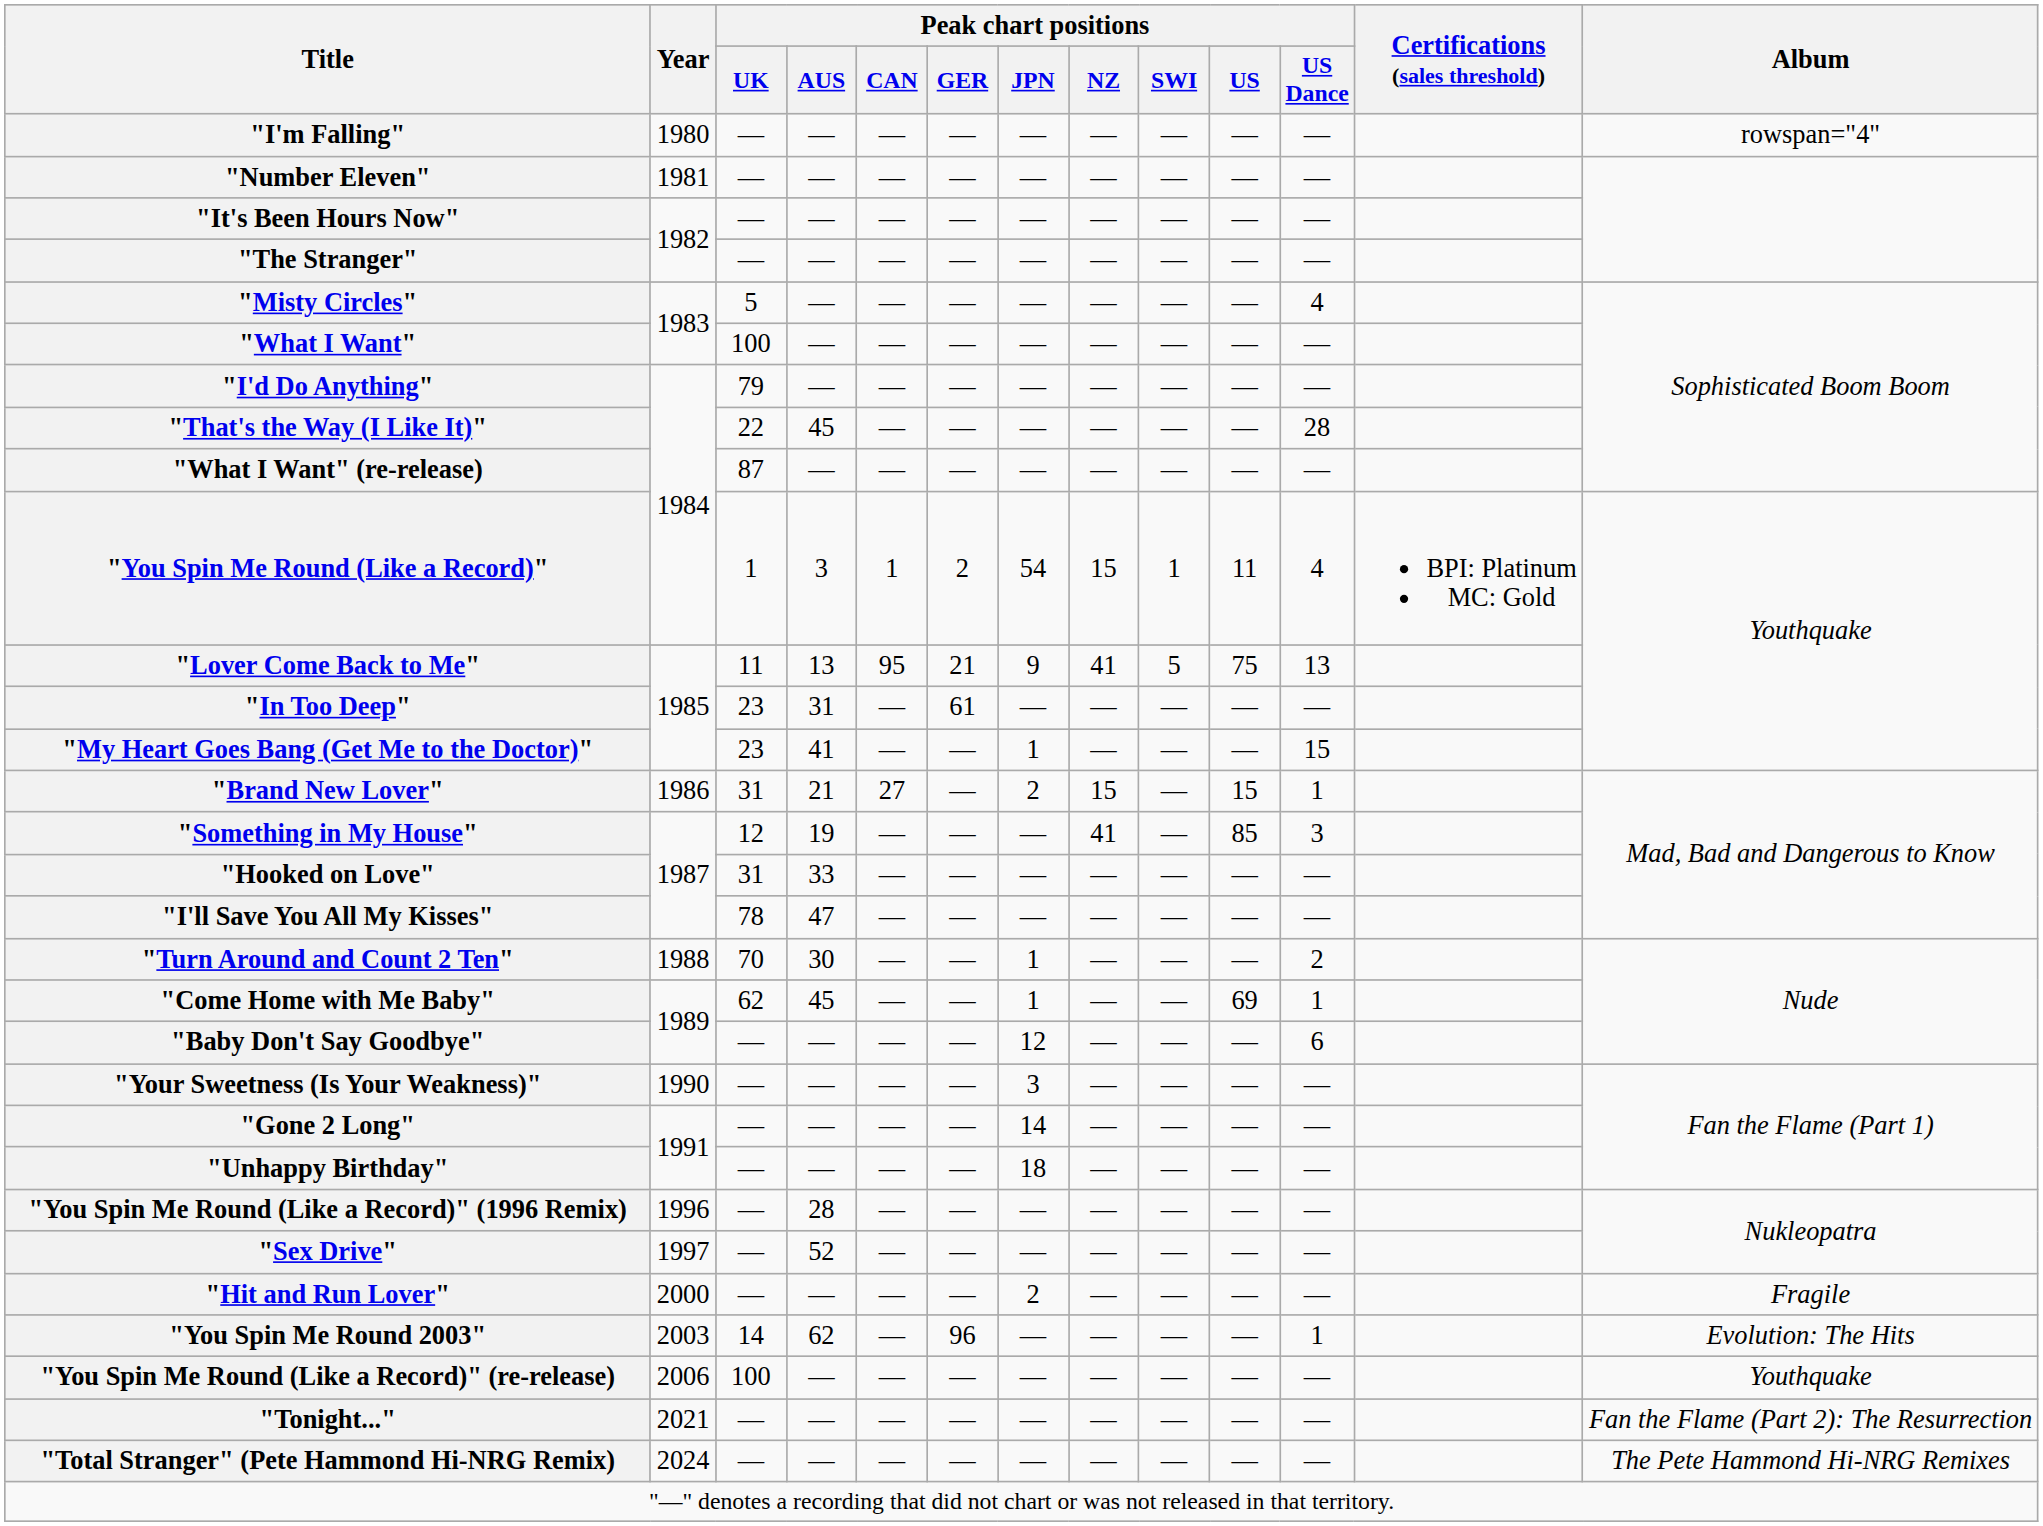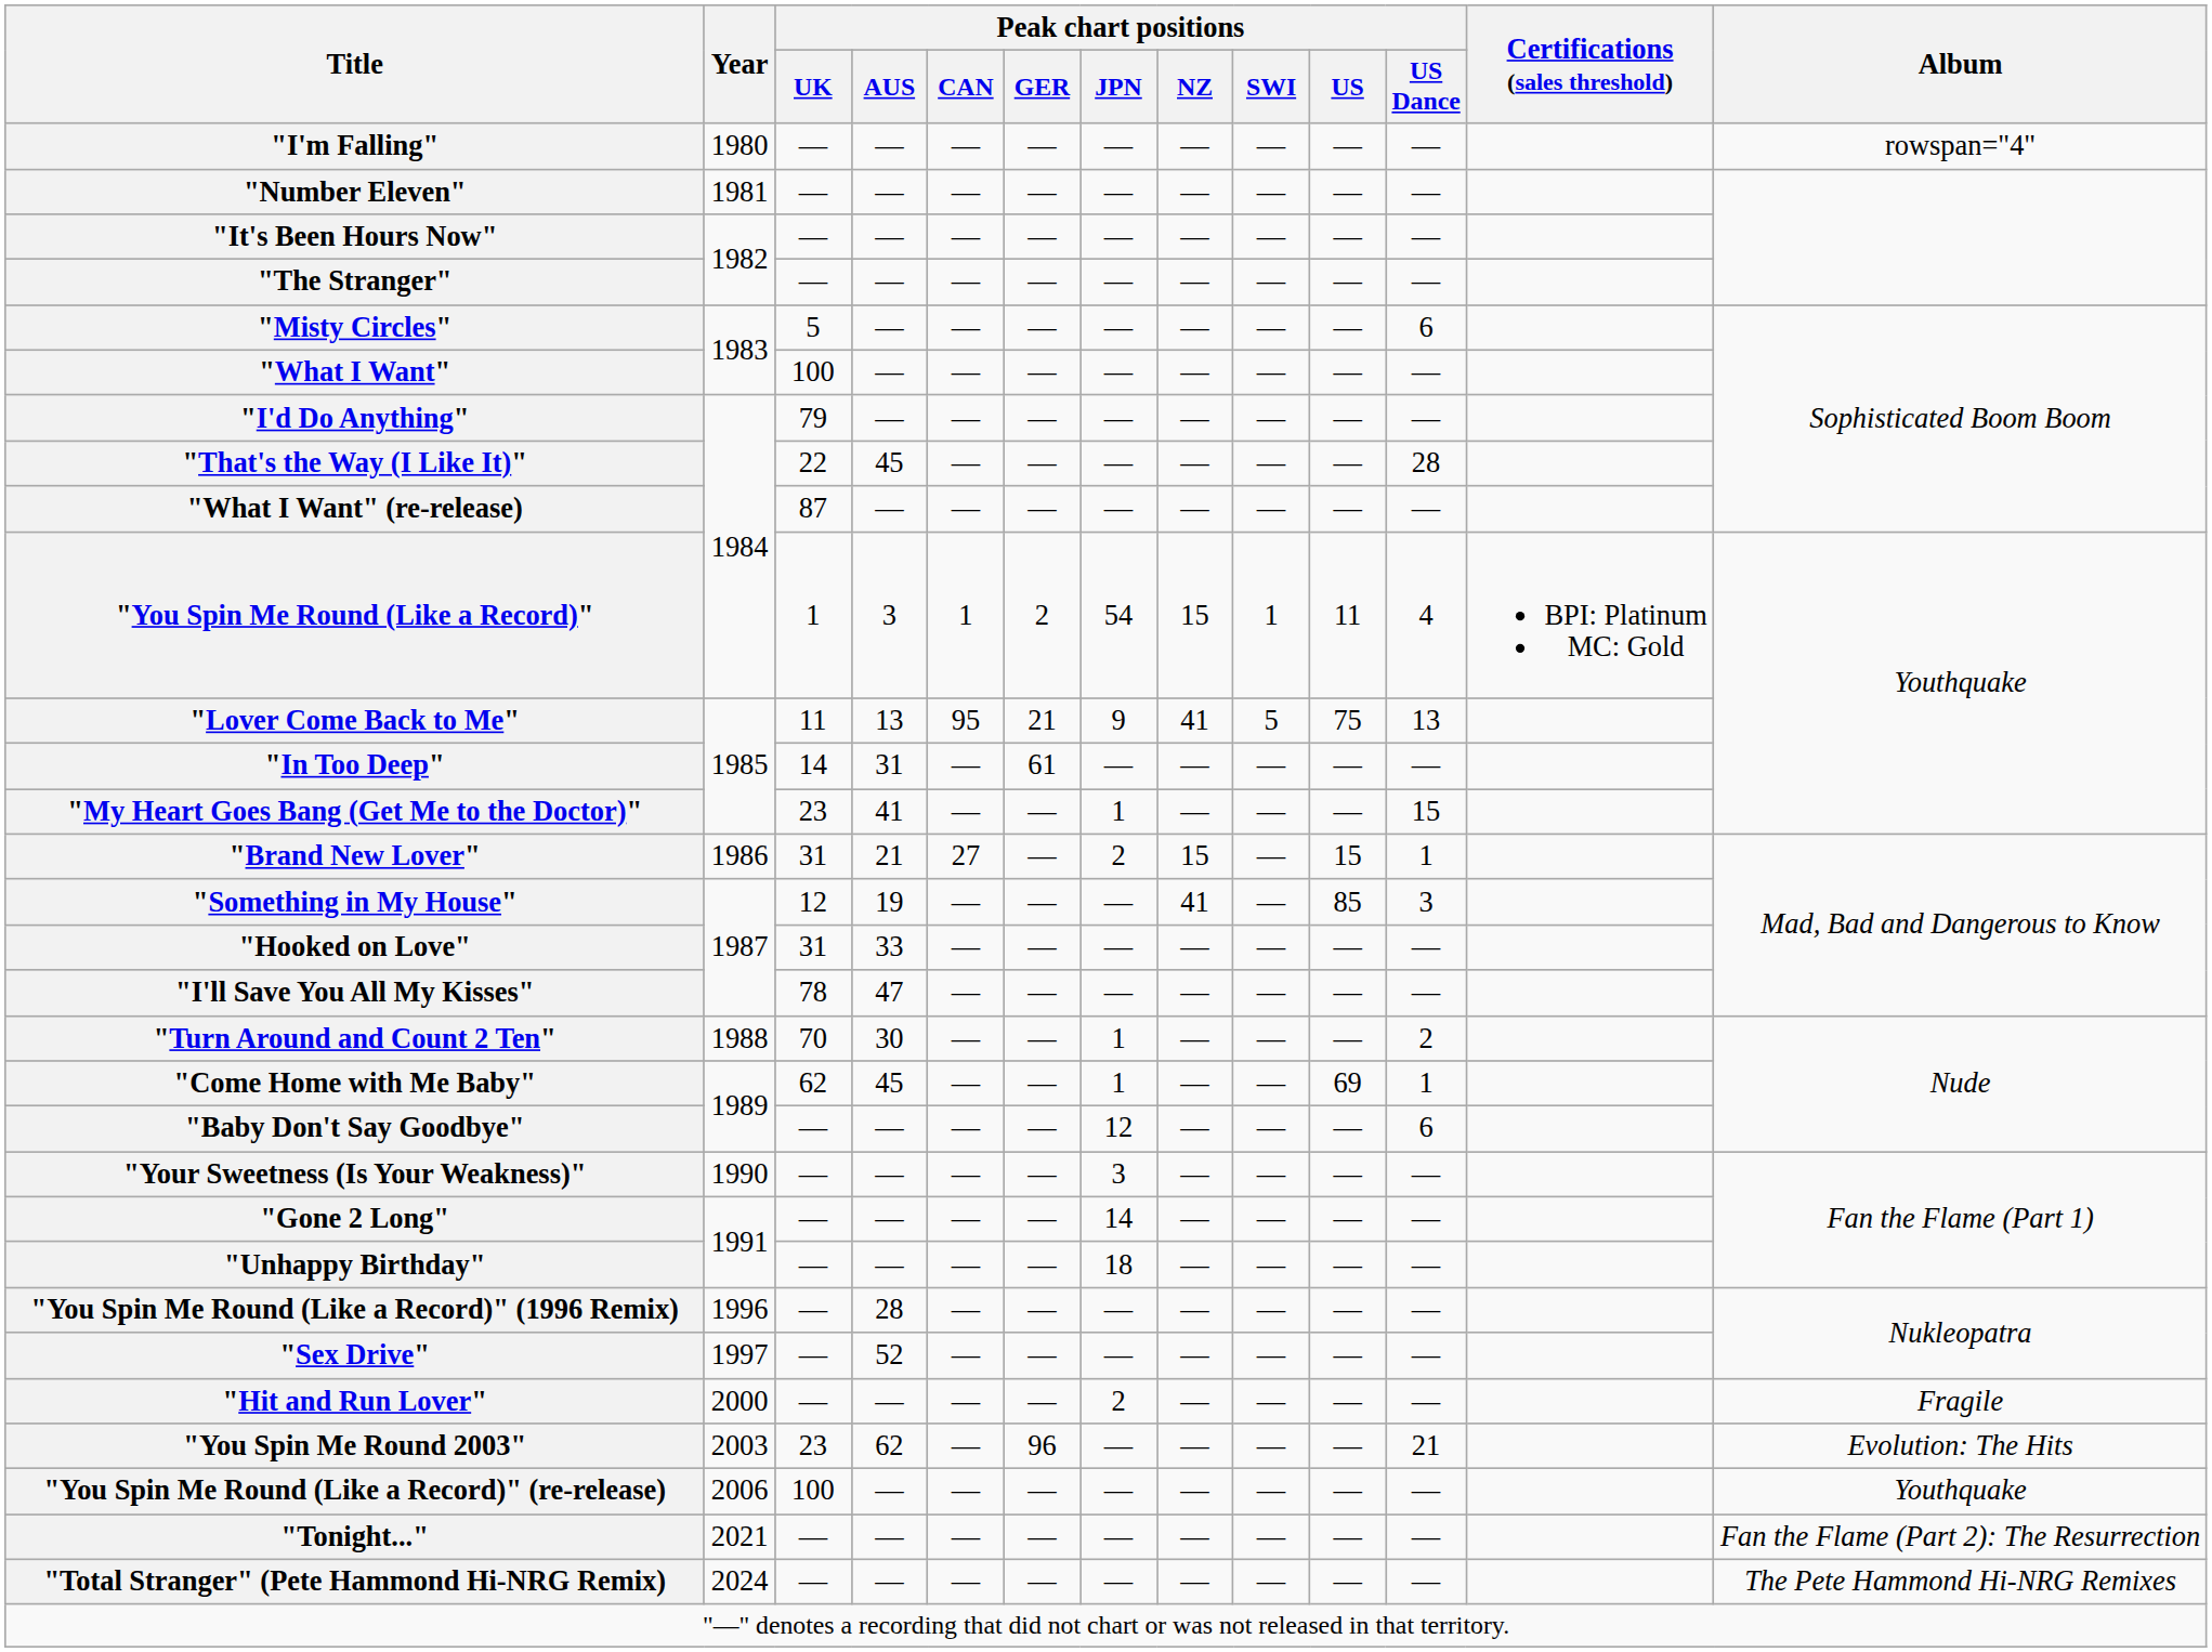 <table class="wikitable plainrowheaders" style="text-align:center;">
 <tr>
 <th scope="col" rowspan="2" style="width:24em;">Title</th>
 <th scope="col" rowspan="2">Year</th>
 <th colspan="9" scope="col">Peak chart positions</th>
 <th scope="col" rowspan="2"><a href='#'>Certifications</a><br><small>(<a href='#'>sales threshold</a>)</small></th>
 <th scope="col" rowspan="2">Album</th>
 </tr>
 <tr>
 <th scope="col" style="width:2.5em;font-size:90%;"><a href='#'>UK</a><br></th>
 <th scope="col" style="width:2.5em;font-size:90%;"><a href='#'>AUS</a><br></th>
 <th scope="col" style="width:2.5em;font-size:90%;"><a href='#'>CAN</a><br></th>
 <th scope="col" style="width:2.5em;font-size:90%;"><a href='#'>GER</a><br></th>
 <th scope="col" style="width:2.5em;font-size:90%;"><a href='#'>JPN</a><br></th>
 <th scope="col" style="width:2.5em;font-size:90%;"><a href='#'>NZ</a><br></th>
 <th scope="col" style="width:2.5em;font-size:90%;"><a href='#'>SWI</a><br></th>
 <th scope="col" style="width:2.5em;font-size:90%;"><a href='#'>US</a><br></th>
 <th scope="col" style="width:2.5em;font-size:90%;"><a href='#'>US Dance</a><br></th>
 </tr>
 <tr>
 <th scope="row">"I'm Falling"</th>
 <td>1980</td>
 <td>—</td>
 <td>—</td>
 <td>—</td>
 <td>—</td>
 <td>—</td>
 <td>—</td>
 <td>—</td>
 <td>—</td>
 <td>—</td>
 <td></td>
 <td>rowspan="4" </td>
 </tr>
 <tr>
 <th scope="row">"Number Eleven"</th>
 <td>1981</td>
 <td>—</td>
 <td>—</td>
 <td>—</td>
 <td>—</td>
 <td>—</td>
 <td>—</td>
 <td>—</td>
 <td>—</td>
 <td>—</td>
 <td></td>
 </tr>
 <tr>
 <th scope="row">"It's Been Hours Now"</th>
 <td rowspan="2">1982</td>
 <td>—</td>
 <td>—</td>
 <td>—</td>
 <td>—</td>
 <td>—</td>
 <td>—</td>
 <td>—</td>
 <td>—</td>
 <td>—</td>
 <td></td>
 </tr>
 <tr>
 <th scope="row">"The Stranger"</th>
 <td>—</td>
 <td>—</td>
 <td>—</td>
 <td>—</td>
 <td>—</td>
 <td>—</td>
 <td>—</td>
 <td>—</td>
 <td>—</td>
 <td></td>
 </tr>
 <tr>
 <th scope="row">"<a href='#'>Misty Circles</a>"</th>
 <td rowspan="2">1983</td>
 <td>5</td>
 <td>—</td>
 <td>—</td>
 <td>—</td>
 <td>—</td>
 <td>—</td>
 <td>—</td>
 <td>—</td>
-<td>4</td>
+<td>6</td>
 <td></td>
 <td rowspan="5"><em>Sophisticated Boom Boom</em></td>
 </tr>
 <tr>
 <th scope="row">"<a href='#'>What I Want</a>"</th>
 <td>100</td>
 <td>—</td>
 <td>—</td>
 <td>—</td>
 <td>—</td>
 <td>—</td>
 <td>—</td>
 <td>—</td>
 <td>—</td>
 <td></td>
 </tr>
 <tr>
 <th scope="row">"<a href='#'>I'd Do Anything</a>"</th>
 <td rowspan="4">1984</td>
 <td>79</td>
 <td>—</td>
 <td>—</td>
 <td>—</td>
 <td>—</td>
 <td>—</td>
 <td>—</td>
 <td>—</td>
 <td>—</td>
 <td></td>
 </tr>
 <tr>
 <th scope="row">"<a href='#'>That's the Way (I Like It)</a>"</th>
 <td>22</td>
 <td>45</td>
 <td>—</td>
 <td>—</td>
 <td>—</td>
 <td>—</td>
 <td>—</td>
 <td>—</td>
 <td>28</td>
 <td></td>
 </tr>
 <tr>
 <th scope="row">"What I Want" (re-release)</th>
 <td>87</td>
 <td>—</td>
 <td>—</td>
 <td>—</td>
 <td>—</td>
 <td>—</td>
 <td>—</td>
 <td>—</td>
 <td>—</td>
 <td></td>
 </tr>
 <tr>
 <th scope="row">"<a href='#'>You Spin Me Round (Like a Record)</a>"</th>
 <td>1</td>
 <td>3</td>
 <td>1</td>
 <td>2</td>
 <td>54</td>
 <td>15</td>
 <td>1</td>
 <td>11</td>
 <td>4</td>
 <td><br><ul><li>BPI: Platinum</li><li>MC: Gold</li></ul></td>
 <td rowspan="4"><em>Youthquake</em></td>
 </tr>
 <tr>
 <th scope="row">"<a href='#'>Lover Come Back to Me</a>"</th>
 <td rowspan="3">1985</td>
 <td>11</td>
 <td>13</td>
 <td>95</td>
 <td>21</td>
 <td>9</td>
 <td>41</td>
 <td>5</td>
 <td>75</td>
 <td>13</td>
 <td></td>
 </tr>
 <tr>
 <th scope="row">"<a href='#'>In Too Deep</a>"</th>
-<td>23</td>
+<td>14</td>
 <td>31</td>
 <td>—</td>
 <td>61</td>
 <td>—</td>
 <td>—</td>
 <td>—</td>
 <td>—</td>
 <td>—</td>
 <td></td>
 </tr>
 <tr>
 <th scope="row">"<a href='#'>My Heart Goes Bang (Get Me to the Doctor)</a>"</th>
 <td>23</td>
 <td>41</td>
 <td>—</td>
 <td>—</td>
 <td>1</td>
 <td>—</td>
 <td>—</td>
 <td>—</td>
 <td>15</td>
 <td></td>
 </tr>
 <tr>
 <th scope="row">"<a href='#'>Brand New Lover</a>"</th>
 <td>1986</td>
 <td>31</td>
 <td>21</td>
 <td>27</td>
 <td>—</td>
 <td>2</td>
 <td>15</td>
 <td>—</td>
 <td>15</td>
 <td>1</td>
 <td></td>
 <td rowspan="4"><em>Mad, Bad and Dangerous to Know</em></td>
 </tr>
 <tr>
 <th scope="row">"<a href='#'>Something in My House</a>"</th>
 <td rowspan="3">1987</td>
 <td>12</td>
 <td>19</td>
 <td>—</td>
 <td>—</td>
 <td>—</td>
 <td>41</td>
 <td>—</td>
 <td>85</td>
 <td>3</td>
 <td></td>
 </tr>
 <tr>
 <th scope="row">"Hooked on Love"</th>
 <td>31</td>
 <td>33</td>
 <td>—</td>
 <td>—</td>
 <td>—</td>
 <td>—</td>
 <td>—</td>
 <td>—</td>
 <td>—</td>
 <td></td>
 </tr>
 <tr>
 <th scope="row">"I'll Save You All My Kisses"</th>
 <td>78</td>
 <td>47</td>
 <td>—</td>
 <td>—</td>
 <td>—</td>
 <td>—</td>
 <td>—</td>
 <td>—</td>
 <td>—</td>
 <td></td>
 </tr>
 <tr>
 <th scope="row">"<a href='#'>Turn Around and Count 2 Ten</a>"</th>
 <td>1988</td>
 <td>70</td>
 <td>30</td>
 <td>—</td>
 <td>—</td>
 <td>1</td>
 <td>—</td>
 <td>—</td>
 <td>—</td>
 <td>2</td>
 <td></td>
 <td rowspan="3"><em>Nude</em></td>
 </tr>
 <tr>
 <th scope="row">"Come Home with Me Baby"</th>
 <td rowspan="2">1989</td>
 <td>62</td>
 <td>45</td>
 <td>—</td>
 <td>—</td>
 <td>1</td>
 <td>—</td>
 <td>—</td>
 <td>69</td>
 <td>1</td>
 <td></td>
 </tr>
 <tr>
 <th scope="row">"Baby Don't Say Goodbye"</th>
 <td>—</td>
 <td>—</td>
 <td>—</td>
 <td>—</td>
 <td>12</td>
 <td>—</td>
 <td>—</td>
 <td>—</td>
 <td>6</td>
 <td></td>
 </tr>
 <tr>
 <th scope="row">"Your Sweetness (Is Your Weakness)"</th>
 <td>1990</td>
 <td>—</td>
 <td>—</td>
 <td>—</td>
 <td>—</td>
 <td>3</td>
 <td>—</td>
 <td>—</td>
 <td>—</td>
 <td>—</td>
 <td></td>
 <td rowspan="3"><em>Fan the Flame (Part 1)</em></td>
 </tr>
 <tr>
 <th scope="row">"Gone 2 Long"</th>
 <td rowspan="2">1991</td>
 <td>—</td>
 <td>—</td>
 <td>—</td>
 <td>—</td>
 <td>14</td>
 <td>—</td>
 <td>—</td>
 <td>—</td>
 <td>—</td>
 <td></td>
 </tr>
 <tr>
 <th scope="row">"Unhappy Birthday"</th>
 <td>—</td>
 <td>—</td>
 <td>—</td>
 <td>—</td>
 <td>18</td>
 <td>—</td>
 <td>—</td>
 <td>—</td>
 <td>—</td>
 <td></td>
 </tr>
 <tr>
 <th scope="row">"You Spin Me Round (Like a Record)" (1996 Remix)</th>
 <td>1996</td>
 <td>—</td>
 <td>28</td>
 <td>—</td>
 <td>—</td>
 <td>—</td>
 <td>—</td>
 <td>—</td>
 <td>—</td>
 <td>—</td>
 <td></td>
 <td rowspan="2"><em>Nukleopatra</em></td>
 </tr>
 <tr>
 <th scope="row">"<a href='#'>Sex Drive</a>"</th>
 <td>1997</td>
 <td>—</td>
 <td>52</td>
 <td>—</td>
 <td>—</td>
 <td>—</td>
 <td>—</td>
 <td>—</td>
 <td>—</td>
 <td>—</td>
 <td></td>
 </tr>
 <tr>
 <th scope="row">"<a href='#'>Hit and Run Lover</a>"</th>
 <td>2000</td>
 <td>—</td>
 <td>—</td>
 <td>—</td>
 <td>—</td>
 <td>2</td>
 <td>—</td>
 <td>—</td>
 <td>—</td>
 <td>—</td>
 <td></td>
 <td><em>Fragile</em></td>
 </tr>
 <tr>
 <th scope="row">"You Spin Me Round 2003"</th>
 <td>2003</td>
-<td>14</td>
+<td>23</td>
 <td>62</td>
 <td>—</td>
 <td>96</td>
 <td>—</td>
 <td>—</td>
 <td>—</td>
 <td>—</td>
-<td>1</td>
+<td>21</td>
 <td></td>
 <td><em>Evolution: The Hits</em></td>
 </tr>
 <tr>
 <th scope="row">"You Spin Me Round (Like a Record)" (re-release)</th>
 <td>2006</td>
 <td>100</td>
 <td>—</td>
 <td>—</td>
 <td>—</td>
 <td>—</td>
 <td>—</td>
 <td>—</td>
 <td>—</td>
 <td>—</td>
 <td></td>
 <td><em>Youthquake</em></td>
 </tr>
 <tr>
 <th scope="row">"Tonight..."</th>
 <td>2021</td>
 <td>—</td>
 <td>—</td>
 <td>—</td>
 <td>—</td>
 <td>—</td>
 <td>—</td>
 <td>—</td>
 <td>—</td>
 <td>—</td>
 <td></td>
 <td><em>Fan the Flame (Part 2): The Resurrection</em></td>
 </tr>
 <tr>
 <th scope="row">"Total Stranger" (Pete Hammond Hi-NRG Remix)</th>
 <td>2024</td>
 <td>—</td>
 <td>—</td>
 <td>—</td>
 <td>—</td>
 <td>—</td>
 <td>—</td>
 <td>—</td>
 <td>—</td>
 <td>—</td>
 <td></td>
 <td><em>The Pete Hammond Hi-NRG Remixes</em></td>
 </tr>
 <tr>
 <td colspan="21" style="font-size:90%">"—" denotes a recording that did not chart or was not released in that territory.</td>
 </tr>
 </table>
